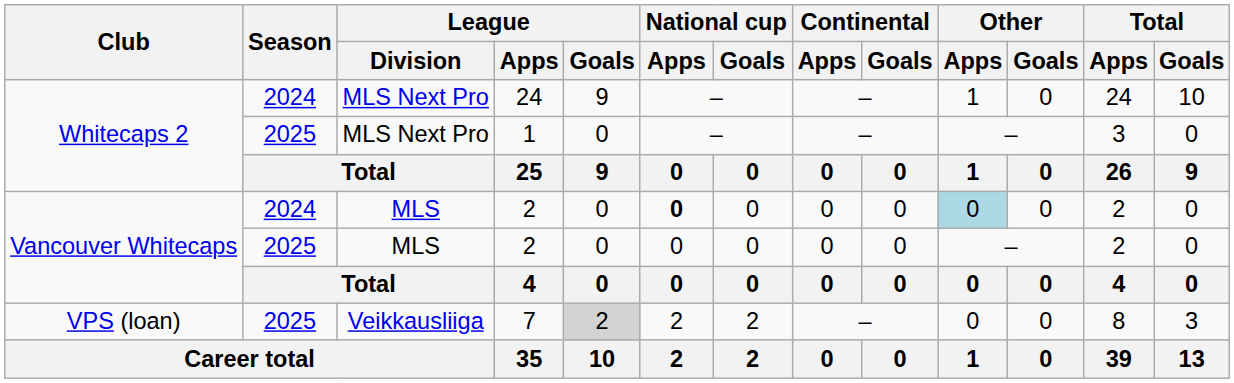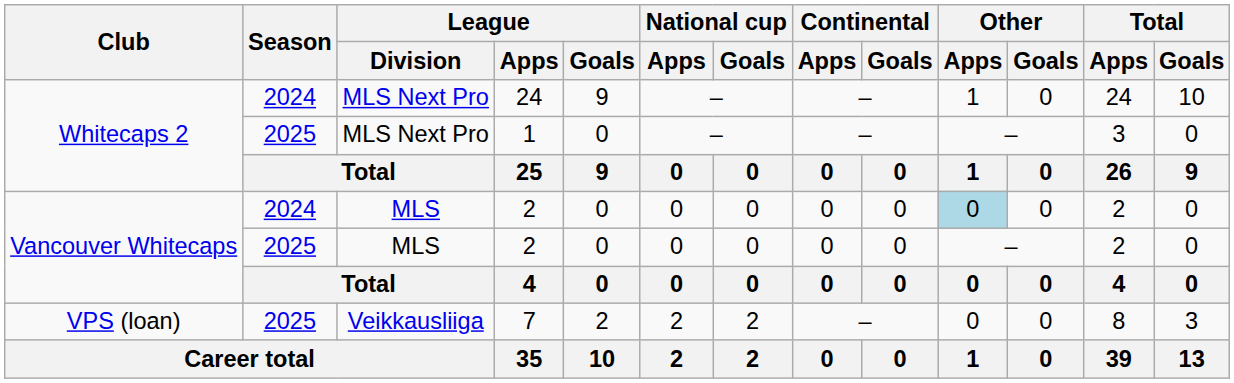 <table class="wikitable" style="text-align:center">
 <tr>
 <th rowspan="2">Club</th>
 <th rowspan="2">Season</th>
 <th colspan="3">League</th>
 <th colspan="2">National cup</th>
 <th colspan="2">Continental</th>
 <th colspan="2">Other</th>
 <th colspan="2">Total</th>
 </tr>
 <tr>
 <th>Division</th>
 <th>Apps</th>
 <th>Goals</th>
 <th>Apps</th>
 <th>Goals</th>
 <th>Apps</th>
 <th>Goals</th>
 <th>Apps</th>
 <th>Goals</th>
 <th>Apps</th>
 <th>Goals</th>
 </tr>
 <tr>
 <td rowspan=3><a href='#'>Whitecaps 2</a></td>
 <td><a href='#'>2024</a></td>
 <td><a href='#'>MLS Next Pro</a></td>
 <td>24</td>
 <td>9</td>
 <td colspan=2>–</td>
 <td colspan=2>–</td>
 <td>1</td>
 <td>0</td>
 <td>24</td>
 <td>10</td>
 </tr>
 <tr>
 <td><a href='#'>2025</a></td>
 <td>MLS Next Pro</td>
 <td>1</td>
 <td>0</td>
 <td colspan=2>–</td>
 <td colspan=2>–</td>
 <td colspan=2>–</td>
 <td>3</td>
 <td>0</td>
 </tr>
 <tr>
 <th colspan=2>Total</th>
 <th>25</th>
 <th>9</th>
 <th>0</th>
 <th>0</th>
 <th>0</th>
 <th>0</th>
 <th>1</th>
 <th>0</th>
 <th>26</th>
 <th>9</th>
 </tr>
 <tr>
 <td rowspan=3><a href='#'>Vancouver Whitecaps</a></td>
 <td><a href='#'>2024</a></td>
 <td><a href='#'>MLS</a></td>
 <td>2</td>
 <td>0</td>
-<td><strong>0</strong></td>
+<td>0</td>
 <td>0</td>
 <td>0</td>
 <td>0</td>
 <td style="background: lightblue;">0</td>
 <td>0</td>
 <td>2</td>
 <td>0</td>
 </tr>
 <tr>
 <td><a href='#'>2025</a></td>
 <td>MLS</td>
 <td>2</td>
 <td>0</td>
 <td>0</td>
 <td>0</td>
 <td>0</td>
 <td>0</td>
 <td colspan=2>–</td>
 <td>2</td>
 <td>0</td>
 </tr>
 <tr>
 <th colspan=2>Total</th>
 <th>4</th>
 <th>0</th>
 <th>0</th>
 <th>0</th>
 <th>0</th>
 <th>0</th>
 <th>0</th>
 <th>0</th>
 <th>4</th>
 <th>0</th>
 </tr>
 <tr>
 <td><a href='#'>VPS</a> (loan)</td>
 <td><a href='#'>2025</a></td>
 <td><a href='#'>Veikkausliiga</a></td>
 <td>7</td>
-<td style="background: lightgrey;">2</td>
+<td>2</td>
 <td>2</td>
 <td>2</td>
 <td colspan=2>–</td>
 <td>0</td>
 <td>0</td>
 <td>8</td>
 <td>3</td>
 </tr>
 <tr>
 <th colspan="3">Career total</th>
 <th>35</th>
 <th>10</th>
 <th>2</th>
 <th>2</th>
 <th>0</th>
 <th>0</th>
 <th>1</th>
 <th>0</th>
 <th>39</th>
 <th>13</th>
 </tr>
 </table>
